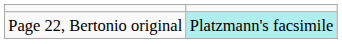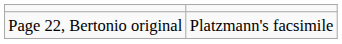 <table class="wikitable">
 <tr>
 <td></td>
 <td></td>
 </tr>
 <tr>
 <td>Page 22, Bertonio original</td>
-<td style="background: paleturquoise;">Platzmann's facsimile</td>
+<td>Platzmann's facsimile</td>
 </tr>
 </table>
